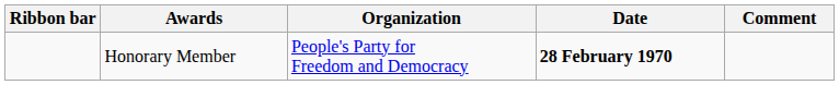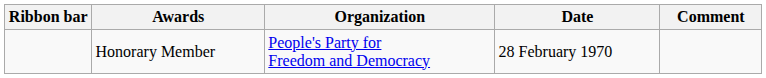 <table class="wikitable" style="width:60%;">
 <tr style="background:#ccf; text-align:center;">
 </tr>
 <tr>
 <th style="width:80px;">Ribbon bar</th>
 <th>Awards</th>
 <th>Organization</th>
 <th>Date</th>
 <th>Comment</th>
 </tr>
 <tr>
 <td></td>
 <td>Honorary Member</td>
 <td><a href='#'>People's Party for <br> Freedom and Democracy</a></td>
-<td><strong>28 February 1970</strong></td>
+<td>28 February 1970</td>
 </tr>
 </table>
